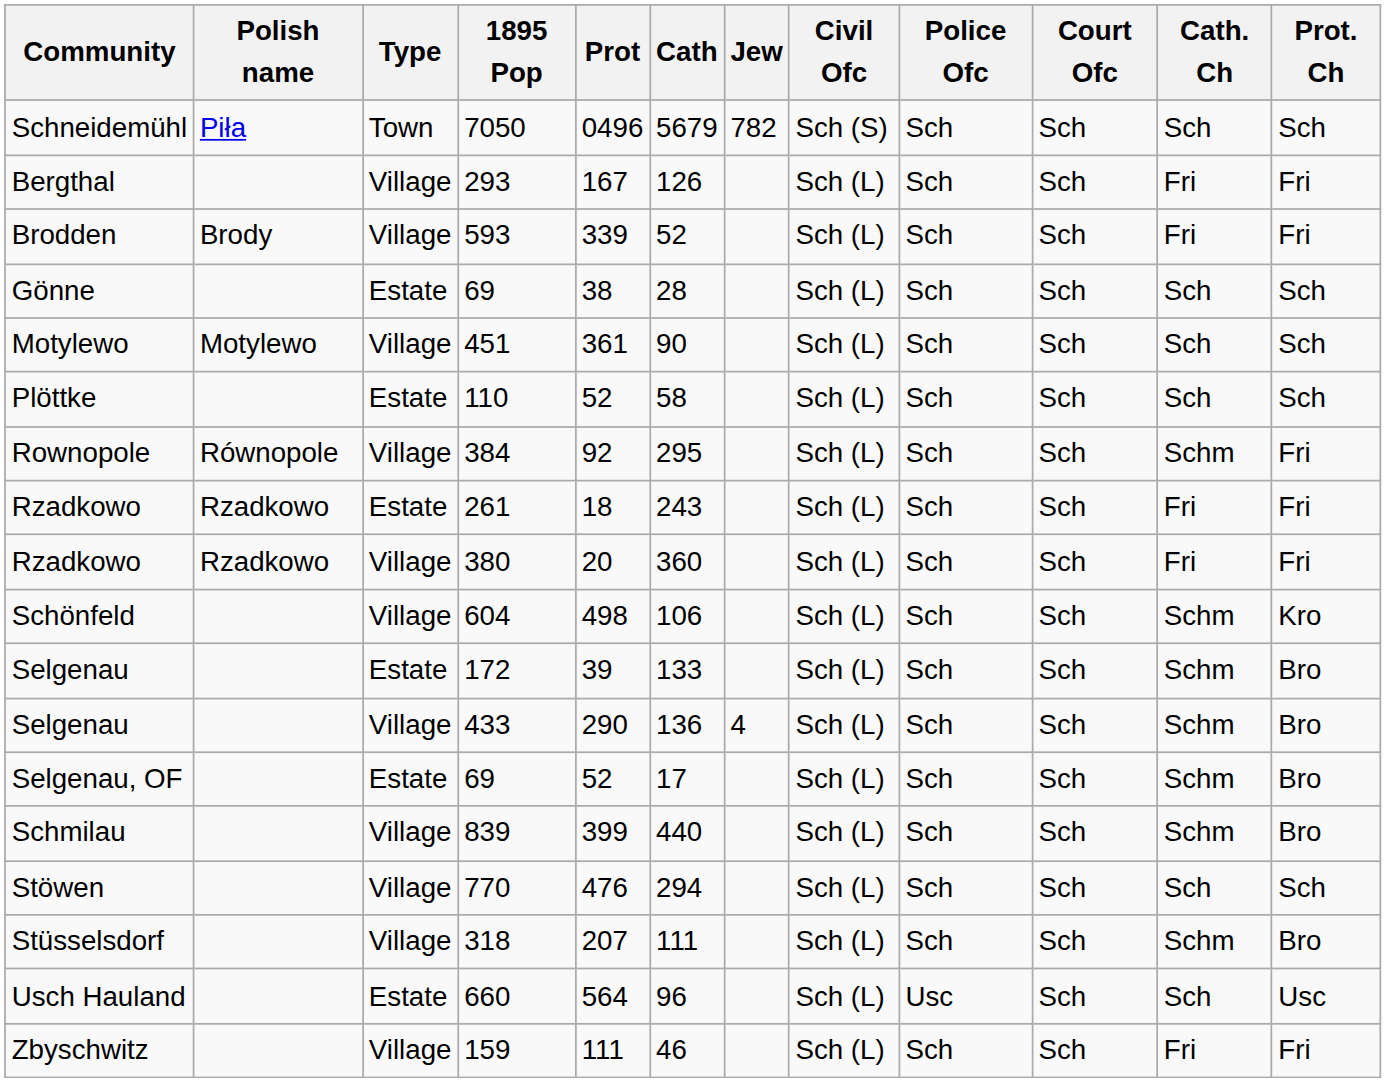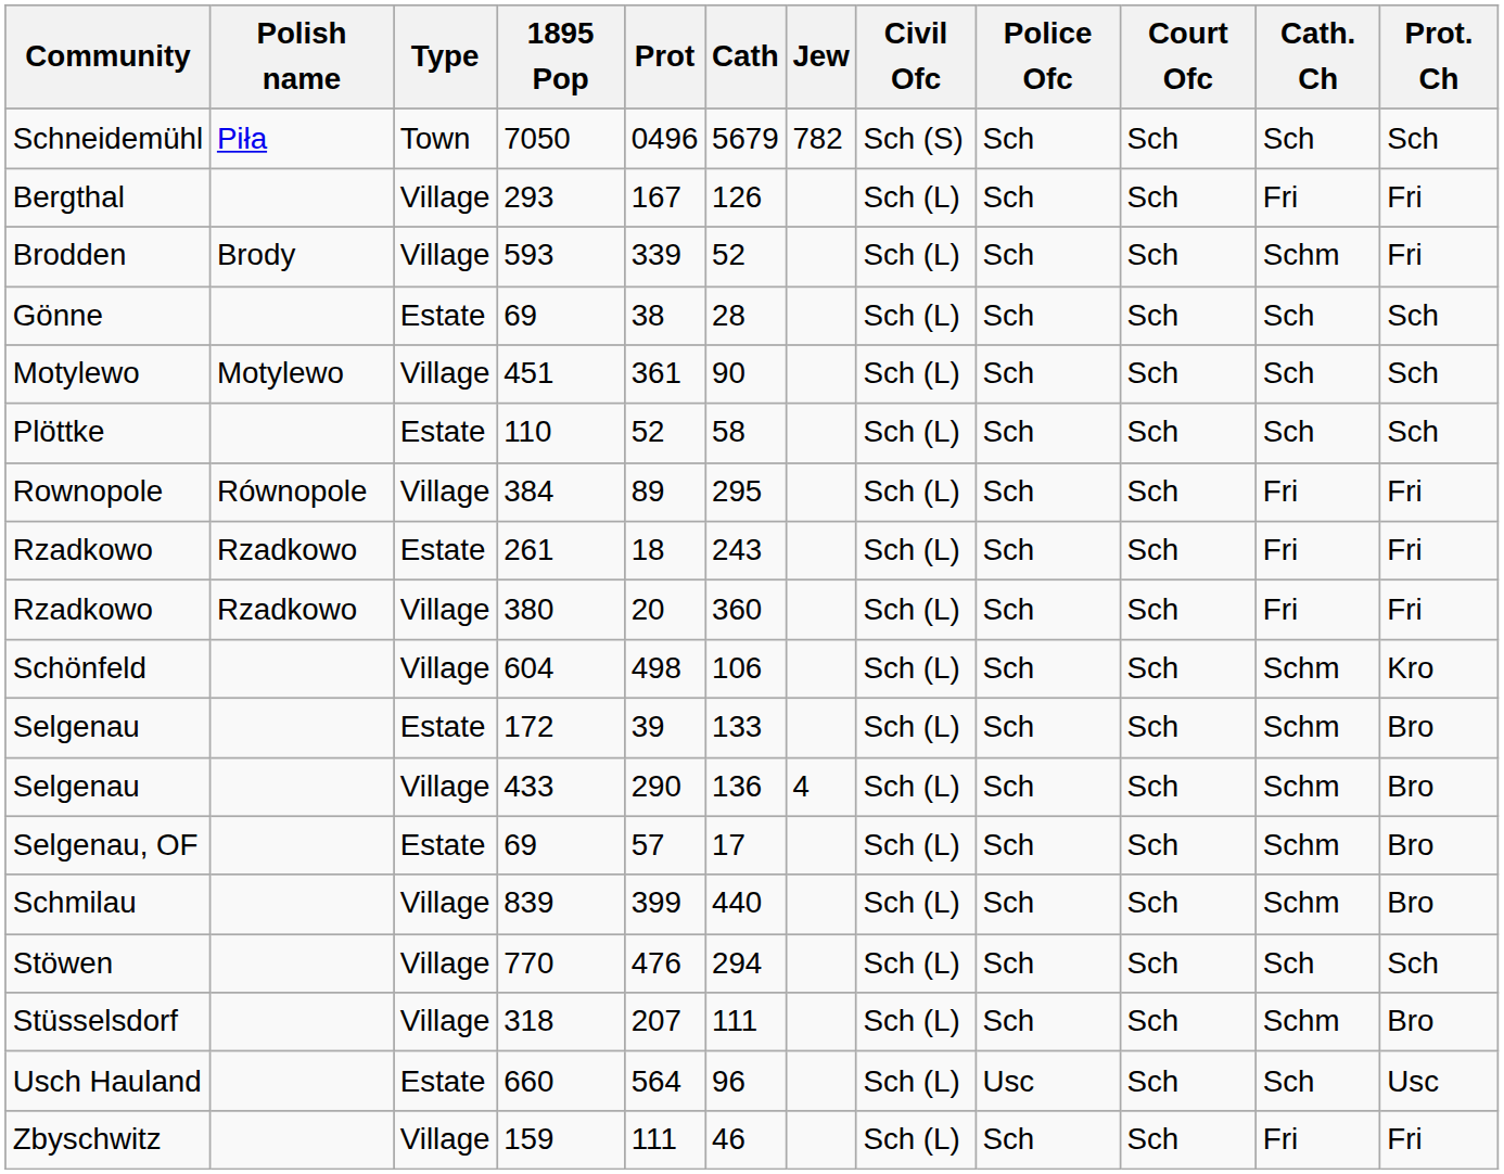 <table class="wikitable sortable" style="width:90%; border:0px;t ext-align:left; line-height:150%; margin: 1em auto 1em auto;">
 <tr>
 <th scope="col">Community</th>
 <th scope="col">Polish name</th>
 <th scope="col">Type</th>
 <th scope="col">1895 Pop</th>
 <th scope="col">Prot</th>
 <th scope="col">Cath</th>
 <th scope="col">Jew</th>
 <th scope="col">Civil Ofc</th>
 <th scope="col">Police Ofc</th>
 <th scope="col">Court Ofc</th>
 <th scope="col">Cath. Ch</th>
 <th scope="col">Prot. Ch</th>
 </tr>
 <tr>
 <td>Schneidemühl</td>
 <td scope="row"><a href='#'>Piła</a></td>
 <td>Town</td>
 <td>7050</td>
 <td>0496</td>
 <td>5679</td>
 <td>782</td>
 <td>Sch (S)</td>
 <td>Sch</td>
 <td>Sch</td>
 <td>Sch</td>
 <td>Sch</td>
 </tr>
 <tr>
 <td scope="row">Bergthal</td>
 <td></td>
 <td>Village</td>
 <td>293</td>
 <td>167</td>
 <td>126</td>
 <td></td>
 <td>Sch (L)</td>
 <td>Sch</td>
 <td>Sch</td>
 <td>Fri</td>
 <td>Fri</td>
 </tr>
 <tr>
 <td scope="row">Brodden</td>
 <td>Brody</td>
 <td>Village</td>
 <td>593</td>
 <td>339</td>
 <td>52</td>
 <td></td>
 <td>Sch (L)</td>
 <td>Sch</td>
 <td>Sch</td>
-<td>Fri</td>
+<td>Schm</td>
 <td>Fri</td>
 </tr>
 <tr>
 <td scope="row">Gönne</td>
 <td></td>
 <td>Estate</td>
 <td>69</td>
 <td>38</td>
 <td>28</td>
 <td></td>
 <td>Sch (L)</td>
 <td>Sch</td>
 <td>Sch</td>
 <td>Sch</td>
 <td>Sch</td>
 </tr>
 <tr>
 <td scope="row">Motylewo</td>
 <td>Motylewo</td>
 <td>Village</td>
 <td>451</td>
 <td>361</td>
 <td>90</td>
 <td></td>
 <td>Sch (L)</td>
 <td>Sch</td>
 <td>Sch</td>
 <td>Sch</td>
 <td>Sch</td>
 </tr>
 <tr>
 <td scope="row">Plöttke</td>
 <td></td>
 <td>Estate</td>
 <td>110</td>
 <td>52</td>
 <td>58</td>
 <td></td>
 <td>Sch (L)</td>
 <td>Sch</td>
 <td>Sch</td>
 <td>Sch</td>
 <td>Sch</td>
 </tr>
 <tr>
 <td scope="row">Rownopole</td>
 <td>Równopole</td>
 <td>Village</td>
 <td>384</td>
-<td>92</td>
+<td>89</td>
 <td>295</td>
 <td></td>
 <td>Sch (L)</td>
 <td>Sch</td>
 <td>Sch</td>
-<td>Schm</td>
+<td>Fri</td>
 <td>Fri</td>
 </tr>
 <tr>
 <td scope="row">Rzadkowo</td>
 <td>Rzadkowo</td>
 <td>Estate</td>
 <td>261</td>
 <td>18</td>
 <td>243</td>
 <td></td>
 <td>Sch (L)</td>
 <td>Sch</td>
 <td>Sch</td>
 <td>Fri</td>
 <td>Fri</td>
 </tr>
 <tr>
 <td scope="row">Rzadkowo</td>
 <td>Rzadkowo</td>
 <td>Village</td>
 <td>380</td>
 <td>20</td>
 <td>360</td>
 <td></td>
 <td>Sch (L)</td>
 <td>Sch</td>
 <td>Sch</td>
 <td>Fri</td>
 <td>Fri</td>
 </tr>
 <tr>
 <td scope="row">Schönfeld</td>
 <td></td>
 <td>Village</td>
 <td>604</td>
 <td>498</td>
 <td>106</td>
 <td></td>
 <td>Sch (L)</td>
 <td>Sch</td>
 <td>Sch</td>
 <td>Schm</td>
 <td>Kro</td>
 </tr>
 <tr>
 <td scope="row">Selgenau</td>
 <td></td>
 <td>Estate</td>
 <td>172</td>
 <td>39</td>
 <td>133</td>
 <td></td>
 <td>Sch (L)</td>
 <td>Sch</td>
 <td>Sch</td>
 <td>Schm</td>
 <td>Bro</td>
 </tr>
 <tr>
 <td scope="row">Selgenau</td>
 <td></td>
 <td>Village</td>
 <td>433</td>
 <td>290</td>
 <td>136</td>
 <td>4</td>
 <td>Sch (L)</td>
 <td>Sch</td>
 <td>Sch</td>
 <td>Schm</td>
 <td>Bro</td>
 </tr>
 <tr>
 <td scope="row">Selgenau, OF</td>
 <td></td>
 <td>Estate</td>
 <td>69</td>
-<td>52</td>
+<td>57</td>
 <td>17</td>
 <td></td>
 <td>Sch (L)</td>
 <td>Sch</td>
 <td>Sch</td>
 <td>Schm</td>
 <td>Bro</td>
 </tr>
 <tr>
 <td scope="row">Schmilau</td>
 <td></td>
 <td>Village</td>
 <td>839</td>
 <td>399</td>
 <td>440</td>
 <td></td>
 <td>Sch (L)</td>
 <td>Sch</td>
 <td>Sch</td>
 <td>Schm</td>
 <td>Bro</td>
 </tr>
 <tr>
 <td scope="row">Stöwen</td>
 <td></td>
 <td>Village</td>
 <td>770</td>
 <td>476</td>
 <td>294</td>
 <td></td>
 <td>Sch (L)</td>
 <td>Sch</td>
 <td>Sch</td>
 <td>Sch</td>
 <td>Sch</td>
 </tr>
 <tr>
 <td scope="row">Stüsselsdorf</td>
 <td></td>
 <td>Village</td>
 <td>318</td>
 <td>207</td>
 <td>111</td>
 <td></td>
 <td>Sch (L)</td>
 <td>Sch</td>
 <td>Sch</td>
 <td>Schm</td>
 <td>Bro</td>
 </tr>
 <tr>
 <td scope="row">Usch Hauland</td>
 <td></td>
 <td>Estate</td>
 <td>660</td>
 <td>564</td>
 <td>96</td>
 <td></td>
 <td>Sch (L)</td>
 <td>Usc</td>
 <td>Sch</td>
 <td>Sch</td>
 <td>Usc</td>
 </tr>
 <tr>
 <td scope="row">Zbyschwitz</td>
 <td></td>
 <td>Village</td>
 <td>159</td>
 <td>111</td>
 <td>46</td>
 <td></td>
 <td>Sch (L)</td>
 <td>Sch</td>
 <td>Sch</td>
 <td>Fri</td>
 <td>Fri</td>
 </tr>
 <tr>
 </tr>
 </table>
